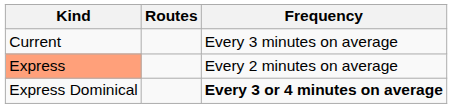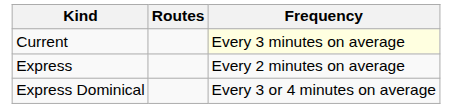 <table class="wikitable" style="margin:1em auto;">
 <tr>
 <th>Kind</th>
 <th>Routes</th>
 <th>Frequency</th>
 </tr>
 <tr>
 <td>Current</td>
 <td>  </td>
-<td>Every 3 minutes on average</td>
+<td style="background: lightyellow;">Every 3 minutes on average</td>
 </tr>
 <tr>
-<td style="background: lightsalmon;">Express</td>
+<td>Express</td>
 <td>  </td>
 <td>Every 2 minutes on average</td>
 </tr>
 <tr>
 <td>Express Dominical</td>
 <td> </td>
-<td><strong>Every 3 or 4 minutes on average</strong></td>
+<td>Every 3 or 4 minutes on average</td>
 </tr>
 </table>
